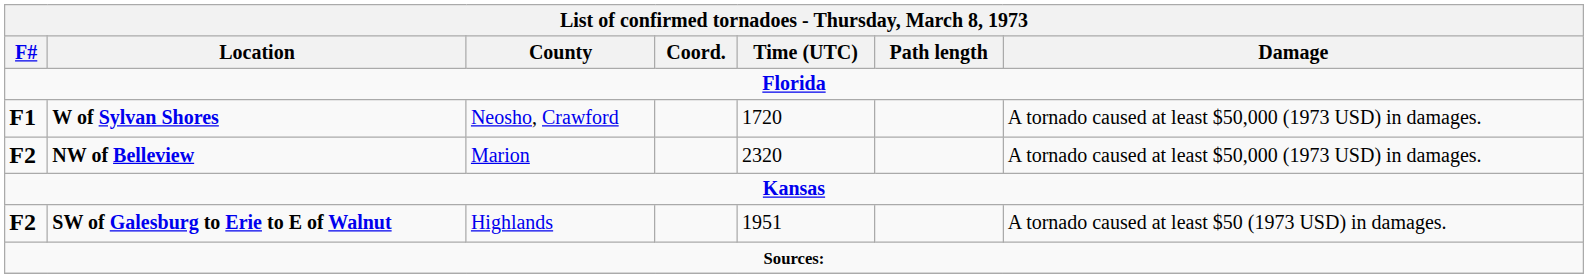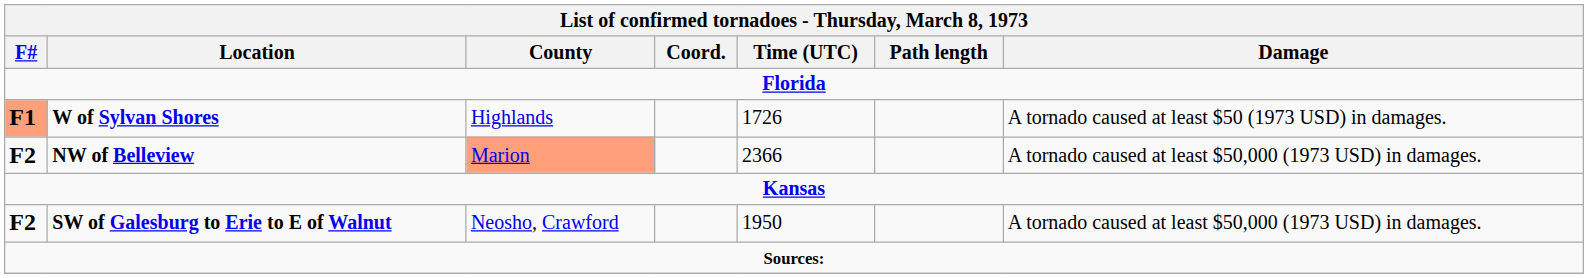 <table class="wikitable collapsible" width="100%">
 <tr>
 <th colspan="7">List of confirmed tornadoes - Thursday, March 8, 1973</th>
 </tr>
 <tr>
 <th><a href='#'>F#</a></th>
 <th>Location</th>
 <th>County</th>
 <th>Coord.</th>
 <th>Time (UTC)</th>
 <th>Path length</th>
 <th>Damage</th>
 </tr>
 <tr>
 <td colspan="7" align=center><strong><a href='#'>Florida</a></strong></td>
 </tr>
 <tr>
-<td><big><strong>F1</strong></big></td>
+<td style="background: lightsalmon;"><big><strong>F1</strong></big></td>
 <td><strong>W of <a href='#'>Sylvan Shores</a></strong></td>
-<td><a href='#'>Neosho</a>, <a href='#'>Crawford</a></td>
+<td><a href='#'>Highlands</a></td>
 <td></td>
-<td>1720</td>
+<td>1726</td>
 <td></td>
-<td>A tornado caused at least $50,000 (1973 USD) in damages.</td>
+<td>A tornado caused at least $50 (1973 USD) in damages.</td>
 </tr>
 <tr>
 <td><big><strong>F2</strong></big></td>
 <td><strong>NW of <a href='#'>Belleview</a></strong></td>
-<td><a href='#'>Marion</a></td>
+<td style="background: lightsalmon;"><a href='#'>Marion</a></td>
 <td></td>
-<td>2320</td>
+<td>2366</td>
 <td></td>
 <td>A tornado caused at least $50,000 (1973 USD) in damages.</td>
 </tr>
 <tr>
 <td colspan="7" align=center><strong><a href='#'>Kansas</a></strong></td>
 </tr>
 <tr>
 <td><big><strong>F2</strong></big></td>
 <td><strong>SW of <a href='#'>Galesburg</a> to <a href='#'>Erie</a> to E of <a href='#'>Walnut</a></strong></td>
-<td><a href='#'>Highlands</a></td>
+<td><a href='#'>Neosho</a>, <a href='#'>Crawford</a></td>
 <td></td>
-<td>1951</td>
+<td>1950</td>
 <td></td>
-<td>A tornado caused at least $50 (1973 USD) in damages.</td>
+<td>A tornado caused at least $50,000 (1973 USD) in damages.</td>
 </tr>
 <tr>
 <td colspan="7" align=center><small><strong>Sources:</strong> </small></td>
 </tr>
 <tr>
 </tr>
 </table>
